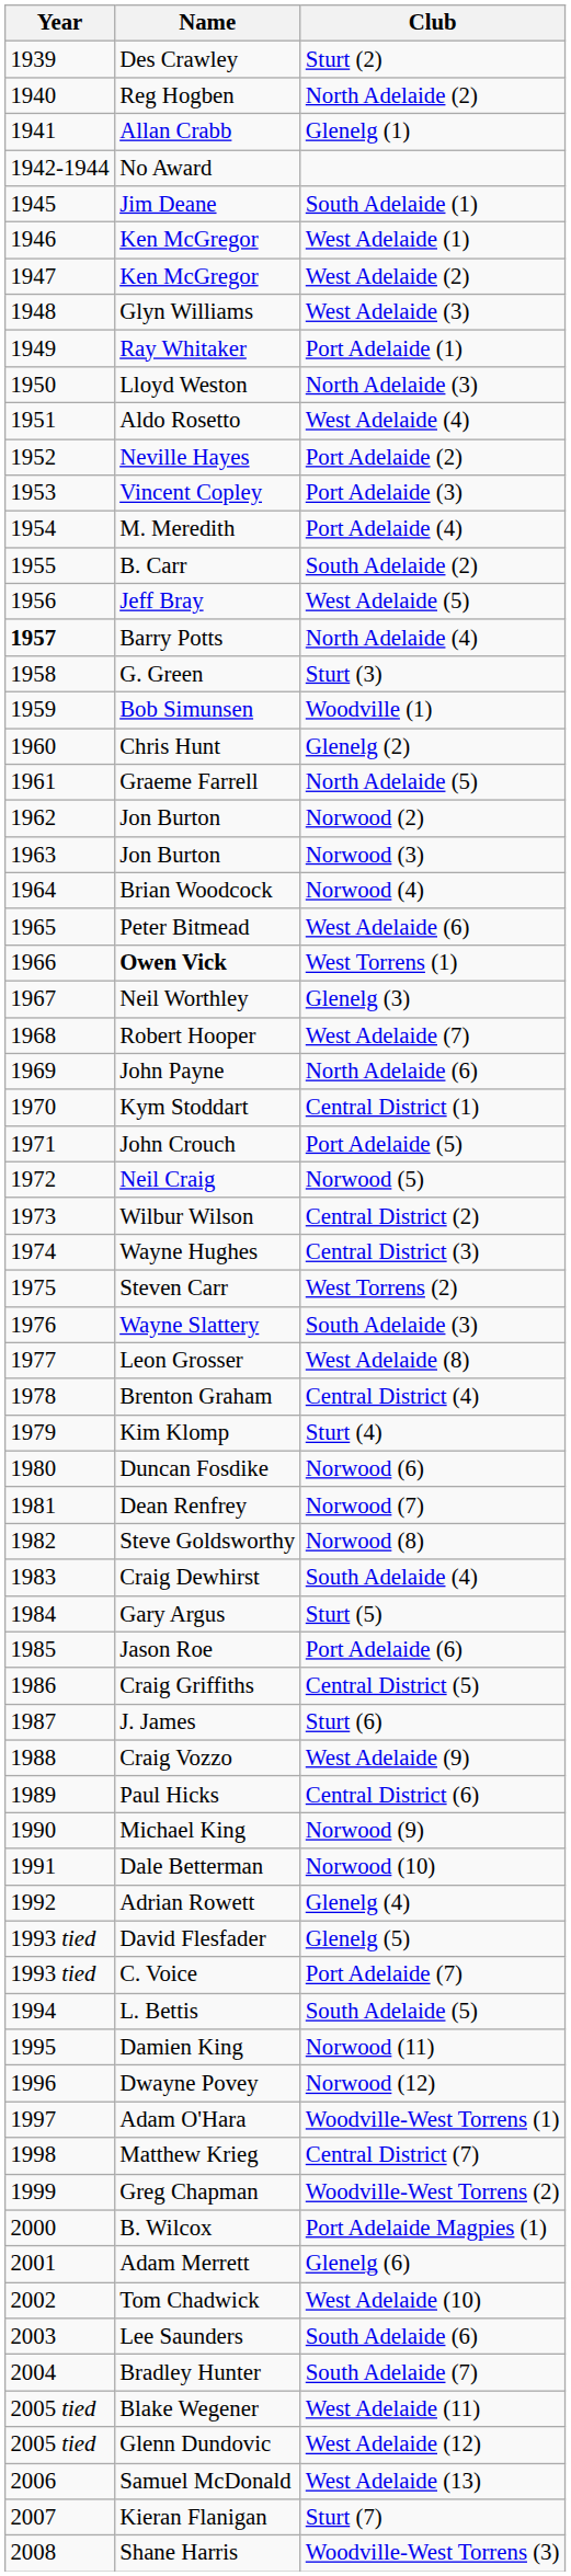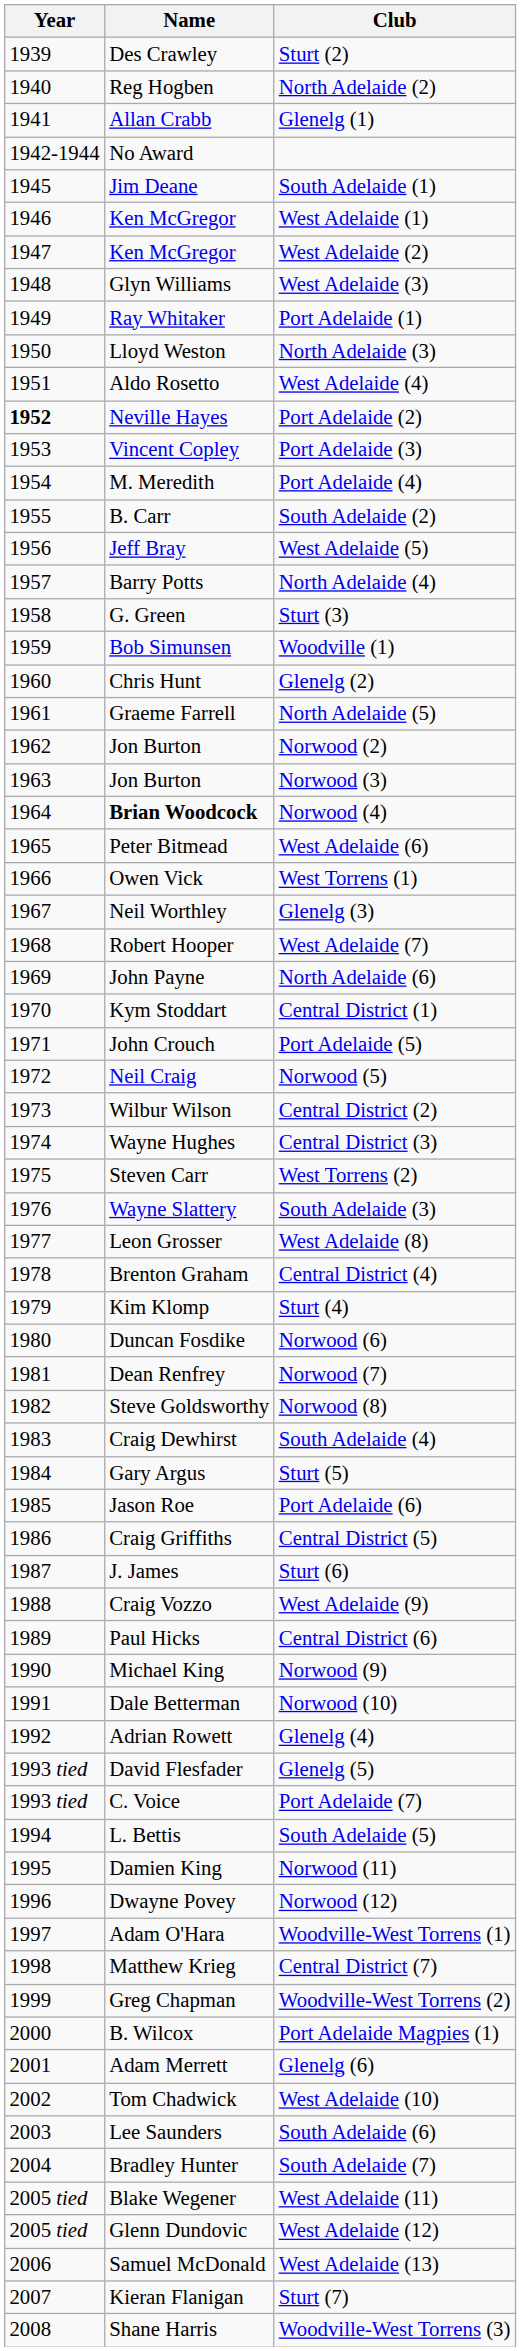 <table class="wikitable">
 <tr>
 <th>Year</th>
 <th>Name</th>
 <th>Club</th>
 </tr>
 <tr>
 <td>1939</td>
 <td>Des Crawley</td>
 <td><a href='#'>Sturt</a> (2)</td>
 </tr>
 <tr>
 <td>1940</td>
 <td>Reg Hogben</td>
 <td><a href='#'>North Adelaide</a> (2)</td>
 </tr>
 <tr>
 <td>1941</td>
 <td><a href='#'>Allan Crabb</a></td>
 <td><a href='#'>Glenelg</a> (1)</td>
 </tr>
 <tr>
 <td>1942-1944</td>
 <td>No Award</td>
 <td></td>
 </tr>
 <tr>
 <td>1945</td>
 <td><a href='#'>Jim Deane</a></td>
 <td><a href='#'>South Adelaide</a> (1)</td>
 </tr>
 <tr>
 <td>1946</td>
 <td><a href='#'>Ken McGregor</a></td>
 <td><a href='#'>West Adelaide</a> (1)</td>
 </tr>
 <tr>
 <td>1947</td>
 <td><a href='#'>Ken McGregor</a></td>
 <td><a href='#'>West Adelaide</a> (2)</td>
 </tr>
 <tr>
 <td>1948</td>
 <td>Glyn Williams</td>
 <td><a href='#'>West Adelaide</a> (3)</td>
 </tr>
 <tr>
 <td>1949</td>
 <td><a href='#'>Ray Whitaker</a></td>
 <td><a href='#'>Port Adelaide</a> (1)</td>
 </tr>
 <tr>
 <td>1950</td>
 <td>Lloyd Weston</td>
 <td><a href='#'>North Adelaide</a> (3)</td>
 </tr>
 <tr>
 <td>1951</td>
 <td>Aldo Rosetto</td>
 <td><a href='#'>West Adelaide</a> (4)</td>
 </tr>
 <tr>
-<td>1952</td>
+<td><strong>1952</strong></td>
 <td><a href='#'>Neville Hayes</a></td>
 <td><a href='#'>Port Adelaide</a> (2)</td>
 </tr>
 <tr>
 <td>1953</td>
 <td><a href='#'>Vincent Copley</a></td>
 <td><a href='#'>Port Adelaide</a> (3)</td>
 </tr>
 <tr>
 <td>1954</td>
 <td>M. Meredith</td>
 <td><a href='#'>Port Adelaide</a> (4)</td>
 </tr>
 <tr>
 <td>1955</td>
 <td>B. Carr</td>
 <td><a href='#'>South Adelaide</a> (2)</td>
 </tr>
 <tr>
 <td>1956</td>
 <td><a href='#'>Jeff Bray</a></td>
 <td><a href='#'>West Adelaide</a> (5)</td>
 </tr>
 <tr>
-<td><strong>1957</strong></td>
+<td>1957</td>
 <td>Barry Potts</td>
 <td><a href='#'>North Adelaide</a> (4)</td>
 </tr>
 <tr>
 <td>1958</td>
 <td>G. Green</td>
 <td><a href='#'>Sturt</a> (3)</td>
 </tr>
 <tr>
 <td>1959</td>
 <td><a href='#'>Bob Simunsen</a></td>
 <td><a href='#'>Woodville</a> (1)</td>
 </tr>
 <tr>
 <td>1960</td>
 <td>Chris Hunt</td>
 <td><a href='#'>Glenelg</a> (2)</td>
 </tr>
 <tr>
 <td>1961</td>
 <td>Graeme Farrell</td>
 <td><a href='#'>North Adelaide</a> (5)</td>
 </tr>
 <tr>
 <td>1962</td>
 <td>Jon Burton</td>
 <td><a href='#'>Norwood</a> (2)</td>
 </tr>
 <tr>
 <td>1963</td>
 <td>Jon Burton</td>
 <td><a href='#'>Norwood</a> (3)</td>
 </tr>
 <tr>
 <td>1964</td>
-<td>Brian Woodcock</td>
+<td><strong>Brian Woodcock</strong></td>
 <td><a href='#'>Norwood</a> (4)</td>
 </tr>
 <tr>
 <td>1965</td>
 <td>Peter Bitmead</td>
 <td><a href='#'>West Adelaide</a> (6)</td>
 </tr>
 <tr>
 <td>1966</td>
-<td><strong>Owen Vick</strong></td>
+<td>Owen Vick</td>
 <td><a href='#'>West Torrens</a> (1)</td>
 </tr>
 <tr>
 <td>1967</td>
 <td>Neil Worthley</td>
 <td><a href='#'>Glenelg</a> (3)</td>
 </tr>
 <tr>
 <td>1968</td>
 <td>Robert Hooper</td>
 <td><a href='#'>West Adelaide</a> (7)</td>
 </tr>
 <tr>
 <td>1969</td>
 <td>John Payne</td>
 <td><a href='#'>North Adelaide</a> (6)</td>
 </tr>
 <tr>
 <td>1970</td>
 <td>Kym Stoddart</td>
 <td><a href='#'>Central District</a> (1)</td>
 </tr>
 <tr>
 <td>1971</td>
 <td>John Crouch</td>
 <td><a href='#'>Port Adelaide</a> (5)</td>
 </tr>
 <tr>
 <td>1972</td>
 <td><a href='#'>Neil Craig</a></td>
 <td><a href='#'>Norwood</a> (5)</td>
 </tr>
 <tr>
 <td>1973</td>
 <td>Wilbur Wilson</td>
 <td><a href='#'>Central District</a> (2)</td>
 </tr>
 <tr>
 <td>1974</td>
 <td>Wayne Hughes</td>
 <td><a href='#'>Central District</a> (3)</td>
 </tr>
 <tr>
 <td>1975</td>
 <td>Steven Carr</td>
 <td><a href='#'>West Torrens</a> (2)</td>
 </tr>
 <tr>
 <td>1976</td>
 <td><a href='#'>Wayne Slattery</a></td>
 <td><a href='#'>South Adelaide</a> (3)</td>
 </tr>
 <tr>
 <td>1977</td>
 <td>Leon Grosser</td>
 <td><a href='#'>West Adelaide</a> (8)</td>
 </tr>
 <tr>
 <td>1978</td>
 <td>Brenton Graham</td>
 <td><a href='#'>Central District</a> (4)</td>
 </tr>
 <tr>
 <td>1979</td>
 <td>Kim Klomp</td>
 <td><a href='#'>Sturt</a> (4)</td>
 </tr>
 <tr>
 <td>1980</td>
 <td>Duncan Fosdike</td>
 <td><a href='#'>Norwood</a> (6)</td>
 </tr>
 <tr>
 <td>1981</td>
 <td>Dean Renfrey</td>
 <td><a href='#'>Norwood</a> (7)</td>
 </tr>
 <tr>
 <td>1982</td>
 <td>Steve Goldsworthy</td>
 <td><a href='#'>Norwood</a> (8)</td>
 </tr>
 <tr>
 <td>1983</td>
 <td>Craig Dewhirst</td>
 <td><a href='#'>South Adelaide</a> (4)</td>
 </tr>
 <tr>
 <td>1984</td>
 <td>Gary Argus</td>
 <td><a href='#'>Sturt</a> (5)</td>
 </tr>
 <tr>
 <td>1985</td>
 <td>Jason Roe</td>
 <td><a href='#'>Port Adelaide</a> (6)</td>
 </tr>
 <tr>
 <td>1986</td>
 <td>Craig Griffiths</td>
 <td><a href='#'>Central District</a> (5)</td>
 </tr>
 <tr>
 <td>1987</td>
 <td>J. James</td>
 <td><a href='#'>Sturt</a> (6)</td>
 </tr>
 <tr>
 <td>1988</td>
 <td>Craig Vozzo</td>
 <td><a href='#'>West Adelaide</a> (9)</td>
 </tr>
 <tr>
 <td>1989</td>
 <td>Paul Hicks</td>
 <td><a href='#'>Central District</a> (6)</td>
 </tr>
 <tr>
 <td>1990</td>
 <td>Michael King</td>
 <td><a href='#'>Norwood</a> (9)</td>
 </tr>
 <tr>
 <td>1991</td>
 <td>Dale Betterman</td>
 <td><a href='#'>Norwood</a> (10)</td>
 </tr>
 <tr>
 <td>1992</td>
 <td>Adrian Rowett</td>
 <td><a href='#'>Glenelg</a> (4)</td>
 </tr>
 <tr>
 <td>1993 <em>tied</em></td>
 <td>David Flesfader</td>
 <td><a href='#'>Glenelg</a> (5)</td>
 </tr>
 <tr>
 <td>1993 <em>tied</em></td>
 <td>C. Voice</td>
 <td><a href='#'>Port Adelaide</a> (7)</td>
 </tr>
 <tr>
 <td>1994</td>
 <td>L. Bettis</td>
 <td><a href='#'>South Adelaide</a> (5)</td>
 </tr>
 <tr>
 <td>1995</td>
 <td>Damien King</td>
 <td><a href='#'>Norwood</a> (11)</td>
 </tr>
 <tr>
 <td>1996</td>
 <td>Dwayne Povey</td>
 <td><a href='#'>Norwood</a> (12)</td>
 </tr>
 <tr>
 <td>1997</td>
 <td>Adam O'Hara</td>
 <td><a href='#'>Woodville-West Torrens</a> (1)</td>
 </tr>
 <tr>
 <td>1998</td>
 <td>Matthew Krieg</td>
 <td><a href='#'>Central District</a> (7)</td>
 </tr>
 <tr>
 <td>1999</td>
 <td>Greg Chapman</td>
 <td><a href='#'>Woodville-West Torrens</a> (2)</td>
 </tr>
 <tr>
 <td>2000</td>
 <td>B. Wilcox</td>
 <td><a href='#'>Port Adelaide Magpies</a> (1)</td>
 </tr>
 <tr>
 <td>2001</td>
 <td>Adam Merrett</td>
 <td><a href='#'>Glenelg</a> (6)</td>
 </tr>
 <tr>
 <td>2002</td>
 <td>Tom Chadwick</td>
 <td><a href='#'>West Adelaide</a> (10)</td>
 </tr>
 <tr>
 <td>2003</td>
 <td>Lee Saunders</td>
 <td><a href='#'>South Adelaide</a> (6)</td>
 </tr>
 <tr>
 <td>2004</td>
 <td>Bradley Hunter</td>
 <td><a href='#'>South Adelaide</a> (7)</td>
 </tr>
 <tr>
 <td>2005 <em>tied</em></td>
 <td>Blake Wegener</td>
 <td><a href='#'>West Adelaide</a> (11)</td>
 </tr>
 <tr>
 <td>2005 <em>tied</em></td>
 <td>Glenn Dundovic</td>
 <td><a href='#'>West Adelaide</a> (12)</td>
 </tr>
 <tr>
 <td>2006</td>
 <td>Samuel McDonald</td>
 <td><a href='#'>West Adelaide</a> (13)</td>
 </tr>
 <tr>
 <td>2007</td>
 <td>Kieran Flanigan</td>
 <td><a href='#'>Sturt</a> (7)</td>
 </tr>
 <tr>
 <td>2008</td>
 <td>Shane Harris</td>
 <td><a href='#'>Woodville-West Torrens</a> (3)</td>
 </tr>
 </table>
